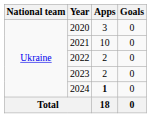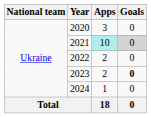 <table class="wikitable" style="text-align:center">
 <tr>
 <th>National team</th>
 <th>Year</th>
 <th>Apps</th>
 <th>Goals</th>
 </tr>
 <tr>
 <td rowspan="5"><a href='#'>Ukraine</a></td>
 <td>2020</td>
 <td>3</td>
 <td>0</td>
 </tr>
 <tr>
 <td>2021</td>
-<td>10</td>
-<td>0</td>
+<td style="background: paleturquoise;">10</td>
+<td style="background: lightgrey;">0</td>
 </tr>
 <tr>
 <td>2022</td>
 <td>2</td>
 <td>0</td>
 </tr>
 <tr>
 <td>2023</td>
 <td>2</td>
-<td>0</td>
+<td><strong>0</strong></td>
 </tr>
 <tr>
 <td>2024</td>
-<td><strong>1</strong></td>
+<td>1</td>
 <td>0</td>
 </tr>
 <tr>
 <th colspan="2">Total</th>
 <th>18</th>
 <th>0</th>
 </tr>
 </table>
